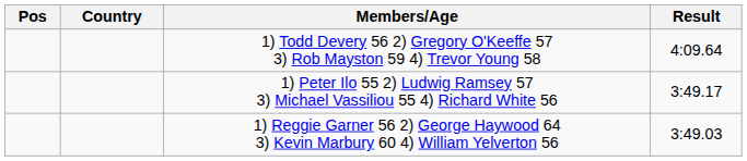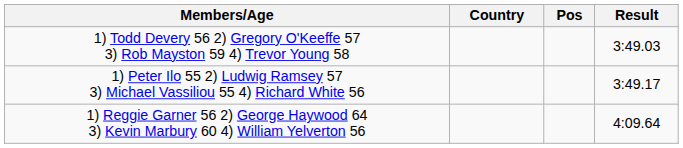 <table class="wikitable"  style="text-align:center; width:60%;">
 <tr>
+<th>Members/Age</th>
+<th>Country</th>
 <th>Pos</th>
-<th>Country</th>
-<th>Members/Age</th>
 <th>Result</th>
 </tr>
 <tr>
+<td>1) <a href='#'>Todd Devery</a> 56 2) <a href='#'>Gregory O'Keeffe</a> 57<br>3) <a href='#'>Rob Mayston</a> 59 4) <a href='#'>Trevor Young</a> 58</td>
+<td align=left></td>
 <td align=center></td>
-<td align=left></td>
-<td>1) <a href='#'>Todd Devery</a> 56 2) <a href='#'>Gregory O'Keeffe</a> 57<br>3) <a href='#'>Rob Mayston</a> 59 4) <a href='#'>Trevor Young</a> 58</td>
-<td>4:09.64</td>
+<td>3:49.03</td>
 </tr>
 <tr>
+<td>1) <a href='#'>Peter Ilo</a> 55 2) <a href='#'>Ludwig Ramsey</a> 57<br>3) <a href='#'>Michael Vassiliou</a> 55 4) <a href='#'>Richard White</a> 56</td>
+<td align=left></td>
 <td align=center></td>
-<td align=left></td>
-<td>1) <a href='#'>Peter Ilo</a> 55 2) <a href='#'>Ludwig Ramsey</a> 57<br>3) <a href='#'>Michael Vassiliou</a> 55 4) <a href='#'>Richard White</a> 56</td>
 <td>3:49.17</td>
 </tr>
 <tr>
+<td>1) <a href='#'>Reggie Garner</a> 56 2) <a href='#'>George Haywood</a> 64<br>3) <a href='#'>Kevin Marbury</a> 60 4) <a href='#'>William Yelverton</a> 56</td>
+<td align=left></td>
 <td align=center></td>
-<td align=left></td>
-<td>1) <a href='#'>Reggie Garner</a> 56 2) <a href='#'>George Haywood</a> 64<br>3) <a href='#'>Kevin Marbury</a> 60 4) <a href='#'>William Yelverton</a> 56</td>
-<td>3:49.03</td>
+<td>4:09.64</td>
 </tr>
 </table>
